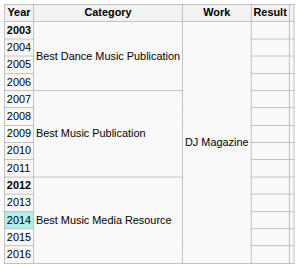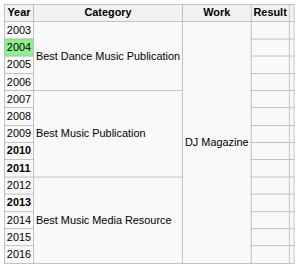 <table class="wikitable">
 <tr>
 <th>Year</th>
 <th>Category</th>
 <th>Work</th>
 <th>Result</th>
 <th></th>
 </tr>
 <tr>
-<td><strong>2003</strong></td>
+<td>2003</td>
 <td rowspan="4">Best Dance Music Publication</td>
 <td rowspan="14">DJ Magazine</td>
 <td></td>
 <td></td>
 </tr>
 <tr>
-<td>2004</td>
+<td style="background: lightgreen;">2004</td>
 <td></td>
 <td></td>
 </tr>
 <tr>
 <td>2005</td>
 <td></td>
 <td></td>
 </tr>
 <tr>
 <td>2006</td>
 <td></td>
 <td></td>
 </tr>
 <tr>
 <td>2007</td>
 <td rowspan="5">Best Music Publication</td>
 <td></td>
 <td></td>
 </tr>
 <tr>
 <td>2008</td>
 <td></td>
 <td></td>
 </tr>
 <tr>
 <td>2009</td>
 <td></td>
 <td></td>
 </tr>
 <tr>
-<td>2010</td>
+<td><strong>2010</strong></td>
 <td></td>
 <td></td>
 </tr>
 <tr>
-<td>2011</td>
+<td><strong>2011</strong></td>
 <td></td>
 <td></td>
 </tr>
 <tr>
-<td><strong>2012</strong></td>
+<td>2012</td>
 <td rowspan="5">Best Music Media Resource</td>
 <td></td>
 <td></td>
 </tr>
 <tr>
-<td>2013</td>
+<td><strong>2013</strong></td>
 <td></td>
 <td></td>
 </tr>
 <tr>
-<td style="background: paleturquoise;">2014</td>
+<td>2014</td>
 <td></td>
 <td></td>
 </tr>
 <tr>
 <td>2015</td>
 <td></td>
 <td></td>
 </tr>
 <tr>
 <td>2016</td>
 <td></td>
 <td></td>
 </tr>
 </table>
